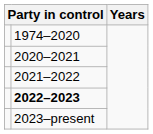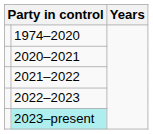 <table class="wikitable">
 <tr>
 <th colspan=2>Party in control</th>
 <th>Years</th>
 </tr>
 <tr>
 <td></td>
 <td>1974–2020</td>
 </tr>
 <tr>
 <td></td>
 <td>2020–2021</td>
 </tr>
 <tr>
 <td></td>
 <td>2021–2022</td>
 </tr>
 <tr>
 <td></td>
-<td><strong>2022–2023</strong></td>
+<td>2022–2023</td>
 </tr>
 <tr>
 <td></td>
-<td>2023–present</td>
+<td style="background: paleturquoise;">2023–present</td>
 </tr>
 </table>
